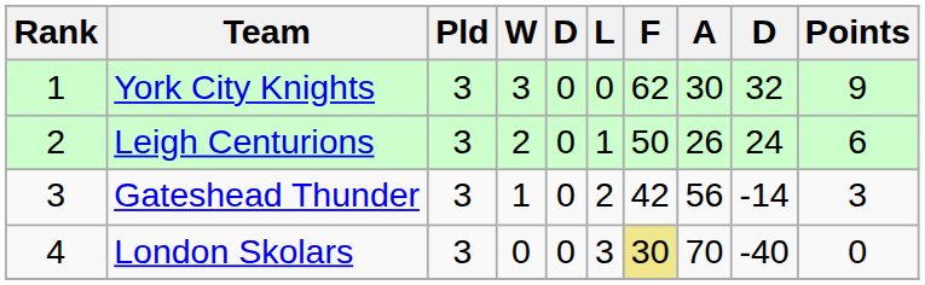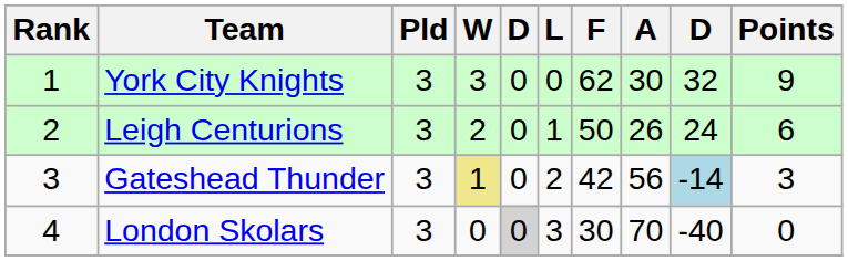 <table class="wikitable" style="text-align: center;">
 <tr>
 <th>Rank</th>
 <th>Team</th>
 <th>Pld</th>
 <th>W</th>
 <th>D</th>
 <th>L</th>
 <th>F</th>
 <th>A</th>
 <th>D</th>
 <th>Points</th>
 </tr>
 <tr bgcolor="#ccffcc">
 <td rowspan="1">1</td>
 <td align="left"><a href='#'>York City Knights</a></td>
 <td rowspan="1!">3</td>
 <td rowspan="1">3</td>
 <td rowspan="1">0</td>
 <td rowspan="1">0</td>
 <td rowspan="1">62</td>
 <td rowspan="1">30</td>
 <td rowspan="1">32</td>
 <td rowspan="1!">9</td>
 </tr>
 <tr bgcolor="#ccffcc">
 <td rowspan="1">2</td>
 <td align="left"><a href='#'>Leigh Centurions</a></td>
 <td rowspan="1">3</td>
 <td rowspan="1">2</td>
 <td rowspan="1">0</td>
 <td rowspan="1">1</td>
 <td rowspan="1">50</td>
 <td rowspan="1">26</td>
 <td rowspan="1">24</td>
 <td rowspan="1!">6</td>
 </tr>
 <tr>
 <td rowspan="1">3</td>
 <td align="left"><a href='#'>Gateshead Thunder</a></td>
 <td rowspan="1">3</td>
-<td rowspan="1">1</td>
+<td rowspan="1" style="background: khaki;">1</td>
 <td rowspan="1">0</td>
 <td rowspan="1">2</td>
 <td rowspan="1">42</td>
 <td rowspan="1">56</td>
-<td rowspan="1">-14</td>
+<td rowspan="1" style="background: lightblue;">-14</td>
 <td rowspan="1!">3</td>
 </tr>
 <tr>
 <td rowspan="1">4</td>
 <td align="left"><a href='#'>London Skolars</a></td>
 <td rowspan="1">3</td>
 <td rowspan="1">0</td>
-<td rowspan="1">0</td>
+<td rowspan="1" style="background: lightgrey;">0</td>
 <td rowspan="1">3</td>
-<td rowspan="1" style="background: khaki;">30</td>
+<td rowspan="1">30</td>
 <td rowspan="1">70</td>
 <td rowspan="1">-40</td>
 <td rowspan="1!">0</td>
 </tr>
 <tr>
 </tr>
 </table>
